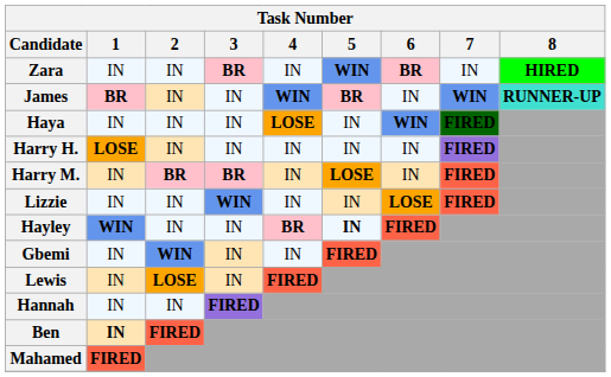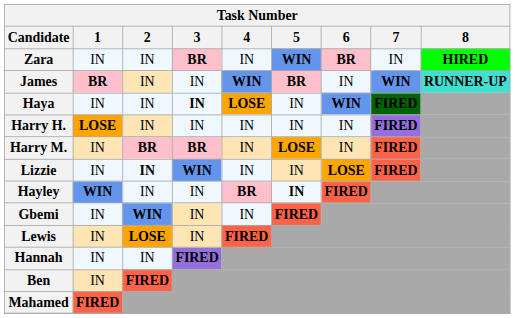 <table class="wikitable" style="text-align:center">
 <tr>
 <th colspan="14">Task Number</th>
 </tr>
 <tr>
 <th>Candidate</th>
 <th>1</th>
 <th>2</th>
 <th>3</th>
 <th>4</th>
 <th>5</th>
 <th>6</th>
 <th>7</th>
 <th>8</th>
 </tr>
 <tr>
 <th>Zara</th>
 <td bgcolor="#F0F8FF">IN</td>
 <td bgcolor="#F0F8FF">IN</td>
 <td bgcolor="pink"><strong>BR</strong></td>
 <td bgcolor="#F0F8FF">IN</td>
 <td bgcolor="cornflowerblue"><strong>WIN</strong></td>
 <td bgcolor="pink"><strong>BR</strong></td>
 <td bgcolor="#F0F8FF">IN</td>
 <td bgcolor="lime"><strong>HIRED</strong></td>
 </tr>
 <tr>
 <th>James</th>
 <td bgcolor="pink"><strong>BR</strong></td>
 <td bgcolor="#FFE5B4">IN</td>
 <td bgcolor="#F0F8FF">IN</td>
 <td bgcolor="cornflowerblue"><strong>WIN</strong></td>
 <td bgcolor="pink"><strong>BR</strong></td>
 <td bgcolor="#F0F8FF">IN</td>
 <td bgcolor="cornflowerblue"><strong>WIN</strong></td>
 <td bgcolor="turquoise"><strong>RUNNER-UP</strong></td>
 </tr>
 <tr>
 <th>Haya</th>
 <td bgcolor="#F0F8FF">IN</td>
 <td bgcolor="#F0F8FF">IN</td>
-<td bgcolor="#F0F8FF">IN</td>
+<td bgcolor="#F0F8FF"><strong>IN</strong></td>
 <td bgcolor="orange"><strong>LOSE</strong></td>
 <td bgcolor="#F0F8FF">IN</td>
 <td bgcolor="cornflowerblue"><strong>WIN</strong></td>
 <td bgcolor="darkgreen"><strong>FIRED</strong></td>
 <td colspan="1" bgcolor="darkgrey"></td>
 </tr>
 <tr>
 <th>Harry H.</th>
 <td bgcolor="orange"><strong>LOSE</strong></td>
 <td bgcolor="#FFE5B4">IN</td>
 <td bgcolor="#F0F8FF">IN</td>
 <td bgcolor="#F0F8FF">IN</td>
 <td bgcolor="#F0F8FF">IN</td>
 <td bgcolor="#F0F8FF">IN</td>
 <td bgcolor="#9370DB"><strong>FIRED</strong></td>
 <td colspan="1" bgcolor="darkgrey"></td>
 </tr>
 <tr>
 <th>Harry M.</th>
 <td bgcolor="#FFE5B4">IN</td>
 <td bgcolor="pink"><strong>BR</strong></td>
 <td bgcolor="pink"><strong>BR</strong></td>
 <td bgcolor="#FFE5B4">IN</td>
 <td bgcolor="orange"><strong>LOSE</strong></td>
 <td bgcolor="#FFE5B4">IN</td>
 <td bgcolor="tomato"><strong>FIRED</strong></td>
 <td colspan="1" bgcolor="darkgrey"></td>
 </tr>
 <tr>
 <th>Lizzie</th>
 <td bgcolor="#F0F8FF">IN</td>
-<td bgcolor="#F0F8FF">IN</td>
+<td bgcolor="#F0F8FF"><strong>IN</strong></td>
 <td bgcolor="cornflowerblue"><strong>WIN</strong></td>
 <td bgcolor="#F0F8FF">IN</td>
 <td bgcolor="#FFE5B4">IN</td>
 <td bgcolor="orange"><strong>LOSE</strong></td>
 <td bgcolor="tomato"><strong>FIRED</strong></td>
 <td colspan="1" bgcolor="darkgrey"></td>
 </tr>
 <tr>
 <th>Hayley</th>
 <td bgcolor="cornflowerblue"><strong>WIN</strong></td>
 <td bgcolor="#F0F8FF">IN</td>
 <td bgcolor="#F0F8FF">IN</td>
 <td bgcolor="pink"><strong>BR</strong></td>
 <td bgcolor="#F0F8FF"><strong>IN</strong></td>
 <td bgcolor="tomato"><strong>FIRED</strong></td>
 <td colspan="2" bgcolor="darkgrey"></td>
 </tr>
 <tr>
 <th>Gbemi</th>
 <td bgcolor="#F0F8FF">IN</td>
 <td bgcolor="cornflowerblue"><strong>WIN</strong></td>
 <td bgcolor="#FFE5B4">IN</td>
 <td bgcolor="#F0F8FF">IN</td>
 <td bgcolor="tomato"><strong>FIRED</strong></td>
 <td colspan="3" bgcolor="darkgrey"></td>
 </tr>
 <tr>
 <th>Lewis</th>
 <td bgcolor="#FFE5B4">IN</td>
 <td bgcolor="orange"><strong>LOSE</strong></td>
 <td bgcolor="#FFE5B4">IN</td>
 <td bgcolor="tomato"><strong>FIRED</strong></td>
 <td colspan="4" bgcolor="darkgrey"></td>
 </tr>
 <tr>
 <th>Hannah</th>
 <td bgcolor="#F0F8FF">IN</td>
 <td bgcolor="#F0F8FF">IN</td>
 <td bgcolor="#9370DB"><strong>FIRED</strong></td>
 <td colspan="5" bgcolor="darkgrey"></td>
 </tr>
 <tr>
 <th>Ben</th>
-<td bgcolor="#FFE5B4"><strong>IN</strong></td>
+<td bgcolor="#FFE5B4">IN</td>
 <td bgcolor="tomato"><strong>FIRED</strong></td>
 <td colspan="6" bgcolor="darkgrey"></td>
 </tr>
 <tr>
 <th>Mahamed</th>
 <td bgcolor="tomato"><strong>FIRED</strong></td>
 <td colspan="7" bgcolor="darkgrey"></td>
 </tr>
 <tr>
 </tr>
 </table>
